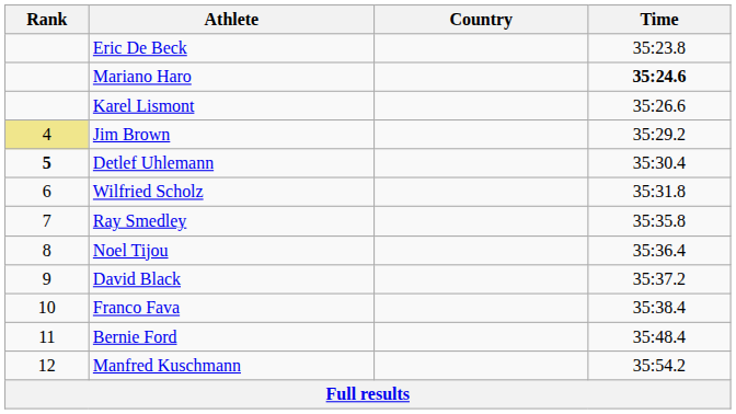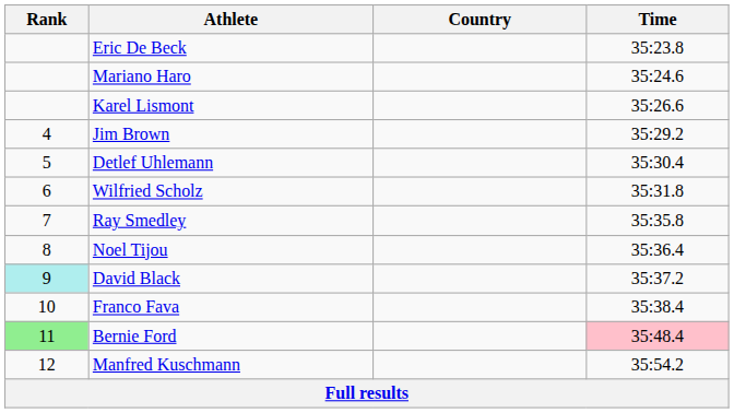 <table class="wikitable sortable" style=" text-align:center; font-size:95%;" width="50%">
 <tr>
 <th width=5%>Rank</th>
 <th width=20%>Athlete</th>
 <th width=15%>Country</th>
 <th width=10%>Time</th>
 </tr>
 <tr>
 <td align=center></td>
 <td align=left><a href='#'>Eric De Beck</a></td>
 <td align=left></td>
 <td>35:23.8</td>
 </tr>
 <tr>
 <td align=center></td>
 <td align=left><a href='#'>Mariano Haro</a></td>
 <td align=left></td>
-<td><strong>35:24.6</strong></td>
+<td>35:24.6</td>
 </tr>
 <tr>
 <td align=center></td>
 <td align=left><a href='#'>Karel Lismont</a></td>
 <td align=left></td>
 <td>35:26.6</td>
 </tr>
 <tr>
-<td align=center style="background: khaki;">4</td>
+<td align=center>4</td>
 <td align=left><a href='#'>Jim Brown</a></td>
 <td align=left></td>
 <td>35:29.2</td>
 </tr>
 <tr>
-<td align=center><strong>5</strong></td>
+<td align=center>5</td>
 <td align=left><a href='#'>Detlef Uhlemann</a></td>
 <td align=left></td>
 <td>35:30.4</td>
 </tr>
 <tr>
 <td align=center>6</td>
 <td align=left><a href='#'>Wilfried Scholz</a></td>
 <td align=left></td>
 <td>35:31.8</td>
 </tr>
 <tr>
 <td align=center>7</td>
 <td align=left><a href='#'>Ray Smedley</a></td>
 <td align=left></td>
 <td>35:35.8</td>
 </tr>
 <tr>
 <td align=center>8</td>
 <td align=left><a href='#'>Noel Tijou</a></td>
 <td align=left></td>
 <td>35:36.4</td>
 </tr>
 <tr>
-<td align=center>9</td>
+<td align=center style="background: paleturquoise;">9</td>
 <td align=left><a href='#'>David Black</a></td>
 <td align=left></td>
 <td>35:37.2</td>
 </tr>
 <tr>
 <td align=center>10</td>
 <td align=left><a href='#'>Franco Fava</a></td>
 <td align=left></td>
 <td>35:38.4</td>
 </tr>
 <tr>
-<td align=center>11</td>
+<td align=center style="background: lightgreen;">11</td>
 <td align=left><a href='#'>Bernie Ford</a></td>
 <td align=left></td>
-<td>35:48.4</td>
+<td style="background: pink;">35:48.4</td>
 </tr>
 <tr>
 <td align=center>12</td>
 <td align=left><a href='#'>Manfred Kuschmann</a></td>
 <td align=left></td>
 <td>35:54.2</td>
 </tr>
 <tr class="sortbottom">
 <th colspan=4 align=center><a href='#'>Full results</a></th>
 </tr>
 </table>
